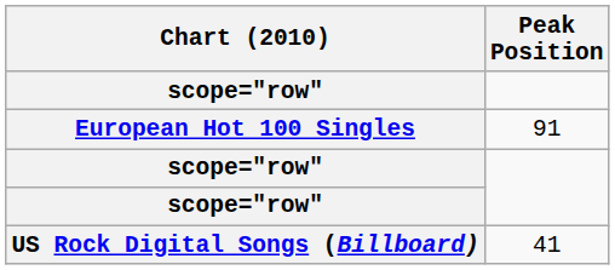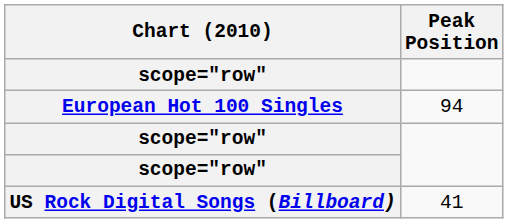 <table class="wikitable sortable plainrowheaders">
 <tr>
 <th>Chart (2010)</th>
 <th>Peak <br>Position</th>
 </tr>
 <tr>
 <th>scope="row" </th>
 </tr>
 <tr>
 <th scope="row"><a href='#'>European Hot 100 Singles</a></th>
-<td style="text-align:center;">91</td>
+<td style="text-align:center;">94</td>
 </tr>
 <tr>
 <th>scope="row" </th>
 </tr>
 <tr>
 <th>scope="row" </th>
 </tr>
 <tr>
 <th scope="row">US <a href='#'>Rock Digital Songs</a> (<em><a href='#'>Billboard</a>)</em></th>
 <td style="text-align:center;">41</td>
 </tr>
 </table>
